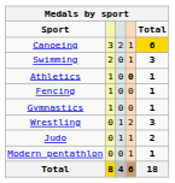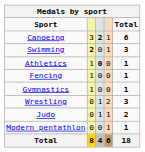 <table class=wikitable style="font-size:85%; float:right">
 <tr bgcolor=efefef>
 <th colspan=7>Medals by sport</th>
 </tr>
 <tr align=center>
 <td><strong>Sport</strong></td>
 <td bgcolor=f7f6a8></td>
 <td bgcolor=dce5e5></td>
 <td bgcolor=ffdab9></td>
 <td><strong>Total</strong></td>
 </tr>
 <tr align=center>
 <td><a href='#'>Canoeing</a></td>
 <td style="background:#F7F6A8;">3</td>
-<td style="background:#DCE5E5;">2</td>
+<td style="background:#DCE5E5;"><strong>2</strong></td>
 <td style="background:#FFDAB9;">1</td>
-<td style="background: gold;"><strong>6</strong></td>
+<td><strong>6</strong></td>
 </tr>
 <tr align=center>
 <td><a href='#'>Swimming</a></td>
-<td style="background:#F7F6A8;">2</td>
+<td style="background:#F7F6A8;"><strong>2</strong></td>
 <td style="background:#DCE5E5;">0</td>
 <td style="background:#FFDAB9;">1</td>
 <td><strong>3</strong></td>
 </tr>
 <tr align=center>
 <td><a href='#'>Athletics</a></td>
 <td style="background:#F7F6A8;">1</td>
-<td style="background:#DCE5E5;">0</td>
-<td style="background:#FFDAB9;"><strong>0</strong></td>
+<td style="background:#DCE5E5;"><strong>0</strong></td>
+<td style="background:#FFDAB9;">0</td>
 <td><strong>1</strong></td>
 </tr>
 <tr align=center>
 <td><a href='#'>Fencing</a></td>
 <td style="background:#F7F6A8;">1</td>
 <td style="background:#DCE5E5;">0</td>
 <td style="background:#FFDAB9;">0</td>
 <td><strong>1</strong></td>
 </tr>
 <tr align=center>
 <td><a href='#'>Gymnastics</a></td>
 <td style="background:#F7F6A8;">1</td>
 <td style="background:#DCE5E5;">0</td>
 <td style="background:#FFDAB9;">0</td>
 <td><strong>1</strong></td>
 </tr>
 <tr align=center>
 <td><a href='#'>Wrestling</a></td>
 <td style="background:#F7F6A8;">0</td>
 <td style="background:#DCE5E5;">1</td>
 <td style="background:#FFDAB9;">2</td>
 <td><strong>3</strong></td>
 </tr>
 <tr align=center>
 <td><a href='#'>Judo</a></td>
 <td style="background:#F7F6A8;">0</td>
 <td style="background:#DCE5E5;">1</td>
 <td style="background:#FFDAB9;">1</td>
 <td><strong>2</strong></td>
 </tr>
 <tr align=center>
 <td><a href='#'>Modern pentathlon</a></td>
 <td style="background:#F7F6A8;">0</td>
 <td style="background:#DCE5E5;">0</td>
 <td style="background:#FFDAB9;">1</td>
 <td><strong>1</strong></td>
 </tr>
 <tr align=center>
 <th>Total</th>
 <th style="background:gold">8</th>
 <th style="background:silver">4</th>
 <th style="background:#c96">6</th>
 <th>18</th>
 </tr>
 </table>
